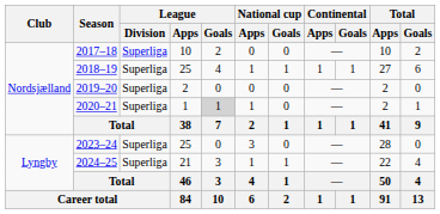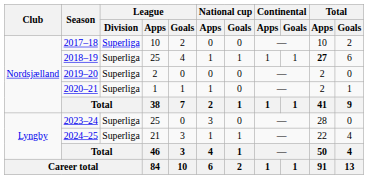 <table class="wikitable" style="text-align:center">
 <tr>
 <th rowspan="2">Club</th>
 <th rowspan="2">Season</th>
 <th colspan="3">League</th>
 <th colspan="2">National cup</th>
 <th colspan="2">Continental</th>
 <th colspan="2">Total</th>
 </tr>
 <tr>
 <th>Division</th>
 <th>Apps</th>
 <th>Goals</th>
 <th>Apps</th>
 <th>Goals</th>
 <th>Apps</th>
 <th>Goals</th>
 <th>Apps</th>
 <th>Goals</th>
 </tr>
 <tr>
 <td rowspan="5"><a href='#'>Nordsjælland</a></td>
 <td><a href='#'>2017–18</a></td>
 <td><a href='#'>Superliga</a></td>
 <td>10</td>
 <td>2</td>
 <td>0</td>
 <td>0</td>
 <td colspan="2">—</td>
 <td>10</td>
 <td>2</td>
 </tr>
 <tr>
 <td><a href='#'>2018–19</a></td>
 <td>Superliga</td>
 <td>25</td>
 <td>4</td>
 <td>1</td>
 <td>1</td>
 <td>1</td>
 <td>1</td>
-<td>27</td>
+<td><strong>27</strong></td>
 <td>6</td>
 </tr>
 <tr>
 <td><a href='#'>2019–20</a></td>
 <td>Superliga</td>
 <td>2</td>
 <td>0</td>
 <td>0</td>
 <td>0</td>
 <td colspan="2">—</td>
 <td>2</td>
 <td>0</td>
 </tr>
 <tr>
 <td><a href='#'>2020–21</a></td>
 <td>Superliga</td>
 <td>1</td>
-<td style="background: lightgrey;">1</td>
+<td>1</td>
 <td>1</td>
 <td>0</td>
 <td colspan="2">—</td>
 <td>2</td>
 <td>1</td>
 </tr>
 <tr>
 <th colspan="2">Total</th>
 <th>38</th>
 <th>7</th>
 <th>2</th>
 <th>1</th>
 <th>1</th>
 <th>1</th>
 <th>41</th>
 <th>9</th>
 </tr>
 <tr>
 <td rowspan="3"><a href='#'>Lyngby</a></td>
 <td><a href='#'>2023–24</a></td>
 <td>Superliga</td>
 <td>25</td>
 <td>0</td>
 <td>3</td>
 <td>0</td>
 <td colspan="2">—</td>
 <td>28</td>
 <td>0</td>
 </tr>
 <tr>
 <td><a href='#'>2024–25</a></td>
 <td>Superliga</td>
 <td>21</td>
 <td>3</td>
 <td>1</td>
 <td>1</td>
 <td colspan="2">—</td>
 <td>22</td>
 <td>4</td>
 </tr>
 <tr>
 <th colspan="2">Total</th>
 <th>46</th>
 <th>3</th>
 <th>4</th>
 <th>1</th>
 <th colspan="2">—</th>
 <th>50</th>
 <th>4</th>
 </tr>
 <tr>
 <th colspan="3">Career total</th>
 <th>84</th>
 <th>10</th>
 <th>6</th>
 <th>2</th>
 <th>1</th>
 <th>1</th>
 <th>91</th>
 <th>13</th>
 </tr>
 </table>
